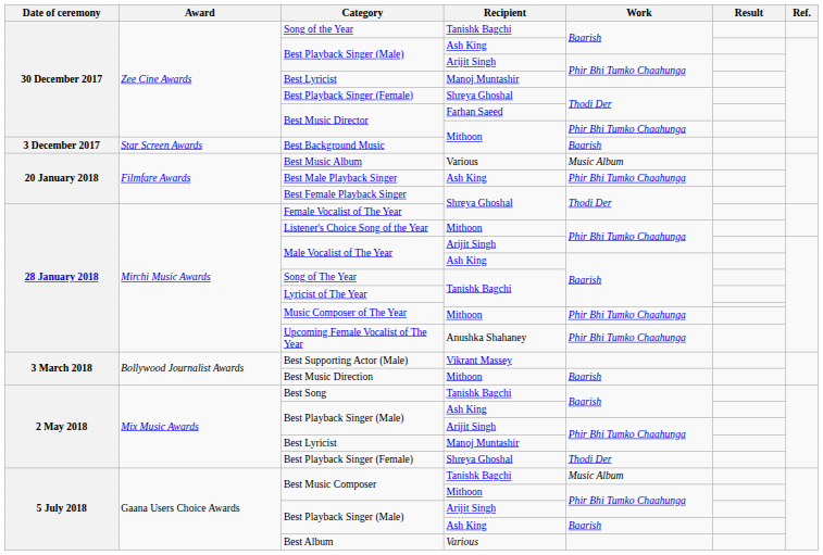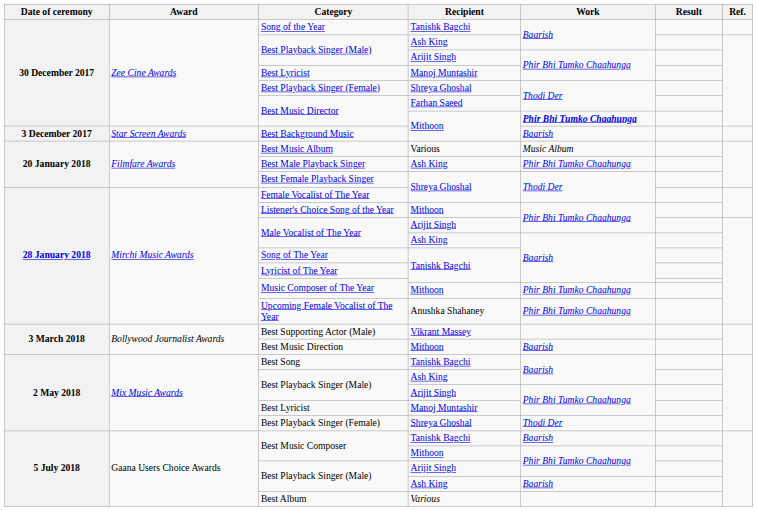 <table class="wikitable">
 <tr>
 <th style="width:14%;">Date of ceremony</th>
 <th style="width:20%;">Award</th>
 <th style="width:20%;">Category</th>
 <th style="width:15%;">Recipient</th>
 <th style="width:18%;">Work</th>
 <th width=9%>Result</th>
 <th width=5%>Ref.</th>
 </tr>
 <tr>
 <th rowspan="7">30 December 2017</th>
 <td rowspan="7"><em><a href='#'>Zee Cine Awards</a></em></td>
 <td><a href='#'>Song of the Year</a></td>
 <td><a href='#'>Tanishk Bagchi</a></td>
 <td rowspan="2"><a href='#'><em>Baarish</em></a></td>
 <td></td>
 <td></td>
 </tr>
 <tr>
 <td rowspan="2"><a href='#'>Best Playback Singer (Male)</a></td>
 <td><a href='#'>Ash King</a></td>
 <td></td>
 <td rowspan="6"></td>
 </tr>
 <tr>
 <td><a href='#'>Arijit Singh</a></td>
 <td rowspan="2"><em><a href='#'>Phir Bhi Tumko Chaahunga</a></em></td>
 <td></td>
 </tr>
 <tr>
 <td><a href='#'>Best Lyricist</a></td>
 <td><a href='#'>Manoj Muntashir</a></td>
 <td></td>
 </tr>
 <tr>
 <td><a href='#'>Best Playback Singer (Female)</a></td>
 <td><a href='#'>Shreya Ghoshal</a></td>
 <td rowspan="2"><em><a href='#'>Thodi Der</a></em></td>
 <td></td>
 </tr>
 <tr>
 <td rowspan="2"><a href='#'>Best Music Director</a></td>
 <td><a href='#'>Farhan Saeed</a></td>
 <td></td>
 </tr>
 <tr>
 <td rowspan="2"><a href='#'>Mithoon</a></td>
-<td><em><a href='#'>Phir Bhi Tumko Chaahunga</a></em></td>
+<td><strong><em><a href='#'>Phir Bhi Tumko Chaahunga</a></em></strong></td>
 <td></td>
 </tr>
 <tr>
 <th>3 December 2017</th>
 <td><em><a href='#'>Star Screen Awards</a></em></td>
 <td><a href='#'>Best Background Music</a></td>
 <td><em><a href='#'>Baarish</a></em></td>
 <td></td>
 <td></td>
 </tr>
 <tr>
 <th rowspan="3">20 January 2018</th>
 <td rowspan="3"><em><a href='#'>Filmfare Awards</a></em></td>
 <td><a href='#'>Best Music Album</a></td>
 <td>Various</td>
 <td><em>Music Album</em></td>
 <td></td>
 <td rowspan="3"></td>
 </tr>
 <tr>
 <td><a href='#'>Best Male Playback Singer</a></td>
 <td><a href='#'>Ash King</a></td>
 <td><em><a href='#'>Phir Bhi Tumko Chaahunga</a></em></td>
 <td></td>
 </tr>
 <tr>
 <td><a href='#'>Best Female Playback Singer</a></td>
 <td rowspan="2"><a href='#'>Shreya Ghoshal</a></td>
 <td rowspan="2"><em><a href='#'>Thodi Der</a></em></td>
 <td></td>
 </tr>
 <tr>
 <th rowspan="9"><a href='#'>28 January 2018</a></th>
 <td rowspan="9"><em><a href='#'>Mirchi Music Awards</a></em></td>
 <td><a href='#'>Female Vocalist of The Year</a></td>
 <td></td>
 <td rowspan="2"></td>
 </tr>
 <tr>
 <td><a href='#'>Listener's Choice Song of the Year</a></td>
 <td><a href='#'>Mithoon</a></td>
 <td rowspan="2"><em><a href='#'>Phir Bhi Tumko Chaahunga</a></em></td>
 <td></td>
 </tr>
 <tr>
 <td rowspan="2"><a href='#'>Male Vocalist of The Year</a></td>
 <td><a href='#'>Arijit Singh</a></td>
 <td></td>
 <td rowspan="7"></td>
 </tr>
 <tr>
 <td><a href='#'>Ash King</a></td>
 <td rowspan="4"><a href='#'><em>Baarish</em></a></td>
 <td></td>
 </tr>
 <tr>
 <td><a href='#'>Song of The Year</a></td>
 <td rowspan="3"><a href='#'>Tanishk Bagchi</a></td>
 <td></td>
 </tr>
 <tr>
 <td><a href='#'>Lyricist of The Year</a></td>
 <td></td>
 </tr>
 <tr>
 <td rowspan="2"><a href='#'>Music Composer of The Year</a></td>
 <td></td>
 </tr>
 <tr>
 <td><a href='#'>Mithoon</a></td>
 <td><em><a href='#'>Phir Bhi Tumko Chaahunga</a></em></td>
 <td></td>
 </tr>
 <tr>
 <td><a href='#'>Upcoming Female Vocalist of The Year</a></td>
 <td>Anushka Shahaney</td>
 <td><em><a href='#'>Phir Bhi Tumko Chaahunga</a></em></td>
 <td></td>
 </tr>
 <tr>
 <th rowspan="2">3 March 2018</th>
 <td rowspan="2"><em>Bollywood Journalist Awards</em></td>
 <td>Best Supporting Actor (Male)</td>
 <td><a href='#'>Vikrant Massey</a></td>
 <td></td>
 <td></td>
 <td rowspan="2"></td>
 </tr>
 <tr>
 <td>Best Music Direction</td>
 <td><a href='#'>Mithoon</a></td>
 <td><a href='#'><em>Baarish</em></a></td>
 <td></td>
 </tr>
 <tr>
 <th rowspan="5">2 May 2018</th>
 <td rowspan="5"><em><a href='#'>Mix Music Awards</a></em></td>
 <td>Best Song</td>
 <td><a href='#'>Tanishk Bagchi</a></td>
 <td rowspan="2"><em><a href='#'>Baarish</a></em></td>
 <td></td>
 <td rowspan="5"></td>
 </tr>
 <tr>
 <td rowspan="2">Best Playback Singer (Male)</td>
 <td><a href='#'>Ash King</a></td>
 <td></td>
 </tr>
 <tr>
 <td><a href='#'>Arijit Singh</a></td>
 <td rowspan="2"><em><a href='#'>Phir Bhi Tumko Chaahunga</a></em></td>
 <td></td>
 </tr>
 <tr>
 <td>Best Lyricist</td>
 <td><a href='#'>Manoj Muntashir</a></td>
 <td></td>
 </tr>
 <tr>
 <td>Best Playback Singer (Female)</td>
 <td><a href='#'>Shreya Ghoshal</a></td>
 <td><em><a href='#'>Thodi Der</a></em></td>
 <td></td>
 </tr>
 <tr>
 <th rowspan="5">5 July 2018</th>
 <td rowspan="5">Gaana Users Choice Awards</td>
 <td rowspan="2">Best Music Composer</td>
 <td><a href='#'>Tanishk Bagchi</a></td>
-<td><em>Music Album</em></td>
+<td><em><a href='#'>Baarish</a></em></td>
 <td></td>
 <td rowspan="5"></td>
 </tr>
 <tr>
 <td><a href='#'>Mithoon</a></td>
 <td rowspan="2"><em><a href='#'>Phir Bhi Tumko Chaahunga</a></em></td>
 <td></td>
 </tr>
 <tr>
 <td rowspan=2>Best Playback Singer (Male)</td>
 <td><a href='#'>Arijit Singh</a></td>
 <td></td>
 </tr>
 <tr>
 <td><a href='#'>Ash King</a></td>
 <td><em><a href='#'>Baarish</a></em></td>
 <td></td>
 </tr>
 <tr>
 <td>Best Album</td>
 <td><em>Various</em></td>
 <td></td>
 <td></td>
 </tr>
 </table>
